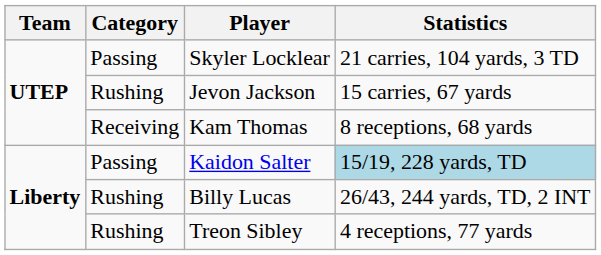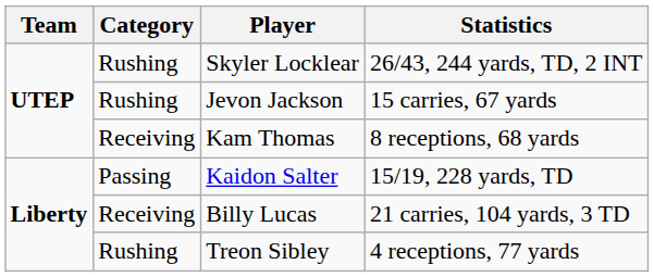 <table class="wikitable" style="float: right;">
 <tr>
 <th>Team</th>
 <th>Category</th>
 <th>Player</th>
 <th>Statistics</th>
 </tr>
 <tr>
 <td rowspan=3><strong>UTEP</strong></td>
-<td>Passing</td>
+<td>Rushing</td>
 <td>Skyler Locklear</td>
-<td>21 carries, 104 yards, 3 TD</td>
+<td>26/43, 244 yards, TD, 2 INT</td>
 </tr>
 <tr>
 <td>Rushing</td>
 <td>Jevon Jackson</td>
 <td>15 carries, 67 yards</td>
 </tr>
 <tr>
 <td>Receiving</td>
 <td>Kam Thomas</td>
 <td>8 receptions, 68 yards</td>
 </tr>
 <tr>
 <td rowspan=3><strong>Liberty</strong></td>
 <td>Passing</td>
 <td><a href='#'>Kaidon Salter</a></td>
-<td style="background: lightblue;">15/19, 228 yards, TD</td>
+<td>15/19, 228 yards, TD</td>
 </tr>
 <tr>
-<td>Rushing</td>
+<td>Receiving</td>
 <td>Billy Lucas</td>
-<td>26/43, 244 yards, TD, 2 INT</td>
+<td>21 carries, 104 yards, 3 TD</td>
 </tr>
 <tr>
 <td>Rushing</td>
 <td>Treon Sibley</td>
 <td>4 receptions, 77 yards</td>
 </tr>
 </table>
